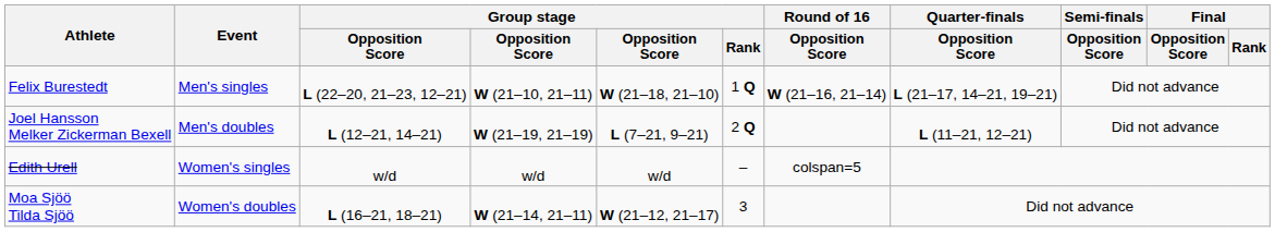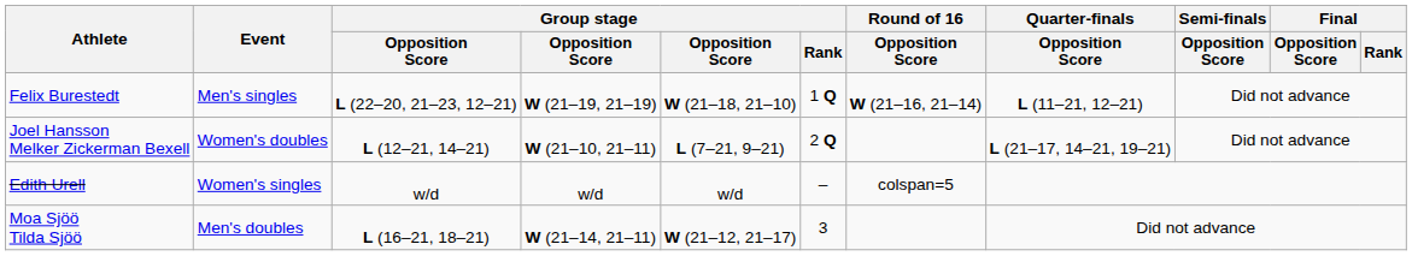 <table class=wikitable style=font-size:90%;text-align:center>
 <tr>
 <th rowspan=2>Athlete</th>
 <th rowspan=2>Event</th>
 <th colspan=4>Group stage</th>
 <th>Round of 16</th>
 <th>Quarter-finals</th>
 <th>Semi-finals</th>
 <th colspan=2>Final</th>
 </tr>
 <tr style=font-size:95%>
 <th>Opposition<br>Score</th>
 <th>Opposition<br>Score</th>
 <th>Opposition<br>Score</th>
 <th>Rank</th>
 <th>Opposition<br>Score</th>
 <th>Opposition<br>Score</th>
 <th>Opposition<br>Score</th>
 <th>Opposition<br>Score</th>
 <th>Rank</th>
 </tr>
 <tr>
 <td align=left><a href='#'>Felix Burestedt</a></td>
 <td align=left><a href='#'>Men's singles</a></td>
 <td><br><strong>L</strong> (22–20, 21–23, 12–21)</td>
-<td><br><strong>W</strong> (21–10, 21–11)</td>
+<td><br><strong>W</strong> (21–19, 21–19)</td>
 <td><br><strong>W</strong> (21–18, 21–10)</td>
 <td>1 <strong>Q</strong></td>
 <td><br><strong>W</strong> (21–16, 21–14)</td>
-<td><br><strong>L</strong> (21–17, 14–21, 19–21)</td>
+<td><br><strong>L</strong> (11–21, 12–21)</td>
 <td colspan=3>Did not advance</td>
 </tr>
 <tr>
 <td align=left><a href='#'>Joel Hansson</a><br><a href='#'>Melker Zickerman Bexell</a></td>
-<td align=left><a href='#'>Men's doubles</a></td>
+<td align=left><a href='#'>Women's doubles</a></td>
 <td><br><strong>L</strong> (12–21, 14–21)</td>
-<td><br><strong>W</strong> (21–19, 21–19)</td>
+<td><br><strong>W</strong> (21–10, 21–11)</td>
 <td><br><strong>L</strong> (7–21, 9–21)</td>
 <td>2 <strong>Q</strong></td>
 <td></td>
-<td><br><strong>L</strong> (11–21, 12–21)</td>
+<td><br><strong>L</strong> (21–17, 14–21, 19–21)</td>
 <td colspan=3>Did not advance</td>
 </tr>
 <tr>
 <td align=left><s><a href='#'>Edith Urell</a></s></td>
 <td align=left><a href='#'>Women's singles</a></td>
 <td><br> w/d</td>
 <td><br> w/d</td>
 <td><br> w/d</td>
 <td>–</td>
 <td>colspan=5 </td>
 </tr>
 <tr>
 <td align=left><a href='#'>Moa Sjöö</a><br><a href='#'>Tilda Sjöö</a></td>
-<td align=left><a href='#'>Women's doubles</a></td>
+<td align=left><a href='#'>Men's doubles</a></td>
 <td><br><strong>L</strong> (16–21, 18–21)</td>
 <td><br><strong>W</strong> (21–14, 21–11)</td>
 <td><br><strong>W</strong> (21–12, 21–17)</td>
 <td>3</td>
 <td></td>
 <td colspan=4>Did not advance</td>
 </tr>
 </table>
